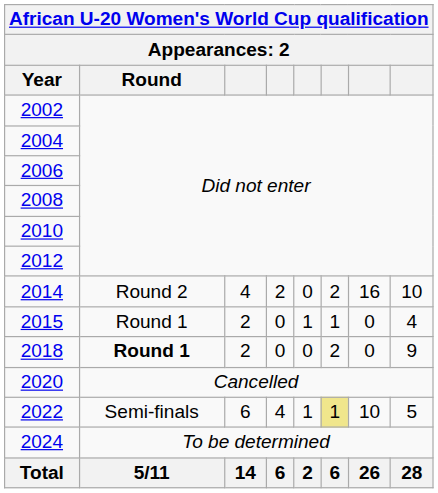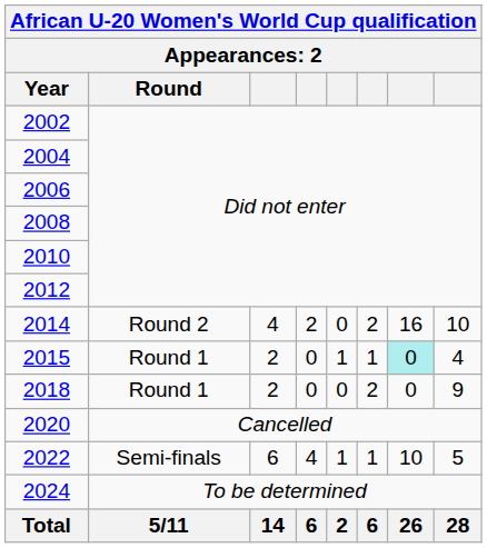 <table class="wikitable" style="text-align: center;">
 <tr>
 <th colspan=8><a href='#'>African U-20 Women's World Cup qualification</a></th>
 </tr>
 <tr>
 <th colspan=8>Appearances: 2</th>
 </tr>
 <tr>
 <th>Year</th>
 <th>Round</th>
 <th></th>
 <th></th>
 <th></th>
 <th></th>
 <th></th>
 <th></th>
 </tr>
 <tr>
 <td><a href='#'>2002</a></td>
 <td colspan=7 rowspan=6><em>Did not enter</em></td>
 </tr>
 <tr>
 <td><a href='#'>2004</a></td>
 </tr>
 <tr>
 <td><a href='#'>2006</a></td>
 </tr>
 <tr>
 <td><a href='#'>2008</a></td>
 </tr>
 <tr>
 <td><a href='#'>2010</a></td>
 </tr>
 <tr>
 <td><a href='#'>2012</a></td>
 </tr>
 <tr>
 <td><a href='#'>2014</a></td>
 <td>Round 2</td>
 <td>4</td>
 <td>2</td>
 <td>0</td>
 <td>2</td>
 <td>16</td>
 <td>10</td>
 </tr>
 <tr>
 <td><a href='#'>2015</a></td>
 <td>Round 1</td>
 <td>2</td>
 <td>0</td>
 <td>1</td>
 <td>1</td>
-<td>0</td>
+<td style="background: paleturquoise;">0</td>
 <td>4</td>
 </tr>
 <tr>
 <td><a href='#'>2018</a></td>
-<td><strong>Round 1</strong></td>
+<td>Round 1</td>
 <td>2</td>
 <td>0</td>
 <td>0</td>
 <td>2</td>
 <td>0</td>
 <td>9</td>
 </tr>
 <tr>
 <td><a href='#'>2020</a></td>
 <td colspan=7><em>Cancelled</em></td>
 </tr>
 <tr>
 <td><a href='#'>2022</a></td>
 <td>Semi-finals</td>
 <td>6</td>
 <td>4</td>
 <td>1</td>
-<td style="background: khaki;">1</td>
+<td>1</td>
 <td>10</td>
 <td>5</td>
 </tr>
 <tr>
 <td><a href='#'>2024</a></td>
 <td colspan=7><em>To be determined</em></td>
 </tr>
 <tr>
 <th>Total</th>
 <th>5/11</th>
 <th>14</th>
 <th>6</th>
 <th>2</th>
 <th>6</th>
 <th>26</th>
 <th>28</th>
 </tr>
 </table>
